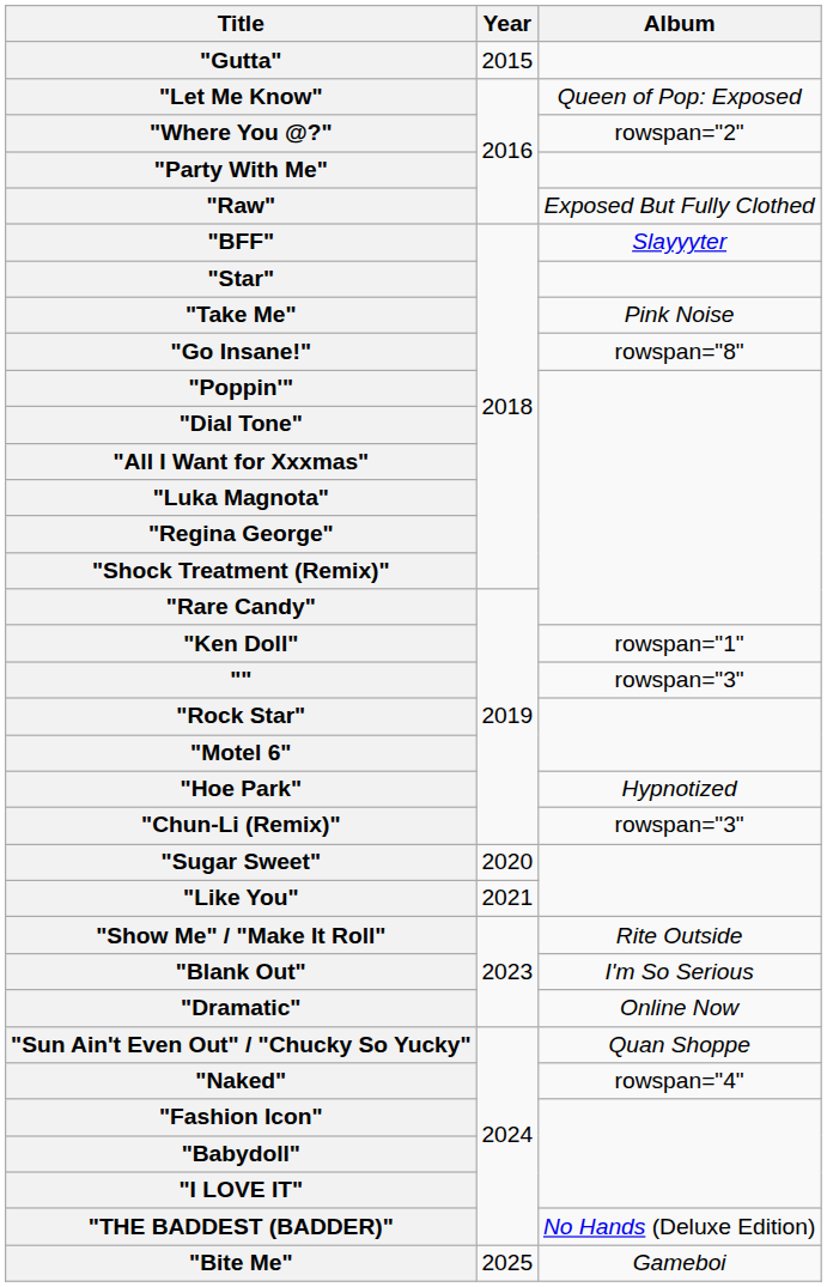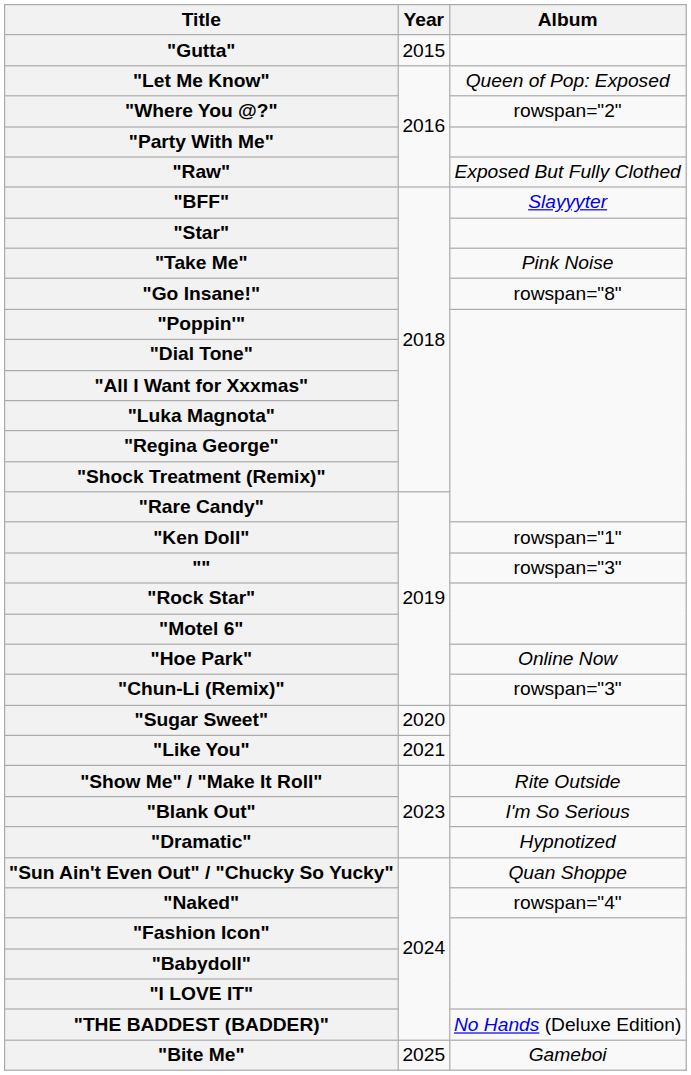 <table class="wikitable plainrowheaders" style="text-align:center;">
 <tr>
 <th scope="col">Title</th>
 <th scope="col">Year</th>
 <th scope="col">Album</th>
 </tr>
 <tr>
 <th scope="row">"Gutta"<br></th>
 <td>2015</td>
 <td></td>
 </tr>
 <tr>
 <th scope="row">"Let Me Know"<br></th>
 <td rowspan="4">2016</td>
 <td><em>Queen of Pop: Exposed</em></td>
 </tr>
 <tr>
 <th scope="row">"Where You @?"<br></th>
 <td>rowspan="2" </td>
 </tr>
 <tr>
 <th scope="row">"Party With Me"<br></th>
 </tr>
 <tr>
 <th scope="row">"Raw"<br></th>
 <td><em>Exposed But Fully Clothed</em></td>
 </tr>
 <tr>
 <th scope="row">"BFF"<br></th>
 <td rowspan="10">2018</td>
 <td><em><a href='#'>Slayyyter</a></em></td>
 </tr>
 <tr>
 <th scope="row">"Star"<br></th>
 <td></td>
 </tr>
 <tr>
 <th scope="row">"Take Me"<br></th>
 <td><em>Pink Noise</em></td>
 </tr>
 <tr>
 <th scope="row">"Go Insane!"<br></th>
 <td>rowspan="8" </td>
 </tr>
 <tr>
 <th scope="row">"Poppin'"<br></th>
 </tr>
 <tr>
 <th scope="row">"Dial Tone"<br></th>
 </tr>
 <tr>
 <th scope="row">"All I Want for Xxxmas"<br></th>
 </tr>
 <tr>
 <th scope="row">"Luka Magnota"<br></th>
 </tr>
 <tr>
 <th scope="row">"Regina George"<br></th>
 </tr>
 <tr>
 <th scope="row">"Shock Treatment (Remix)"<br></th>
 </tr>
 <tr>
 <th scope="row">"Rare Candy"<br></th>
 <td rowspan="7">2019</td>
 </tr>
 <tr>
 <th scope="row">"Ken Doll"<br></th>
 <td>rowspan="1" </td>
 </tr>
 <tr>
 <th scope="row">""<br></th>
 <td>rowspan="3" </td>
 </tr>
 <tr>
 <th scope="row">"Rock Star"<br></th>
 </tr>
 <tr>
 <th scope="row">"Motel 6"<br></th>
 </tr>
 <tr>
 <th scope="row">"Hoe Park"<br></th>
-<td><em>Hypnotized</em></td>
+<td><em>Online Now</em></td>
 </tr>
 <tr>
 <th scope="row">"Chun-Li (Remix)"<br></th>
 <td>rowspan="3" </td>
 </tr>
 <tr>
 <th scope="row">"Sugar Sweet"<br></th>
 <td>2020</td>
 </tr>
 <tr>
 <th scope="row">"Like You"<br></th>
 <td>2021</td>
 </tr>
 <tr>
 <th scope="row">"Show Me" / "Make It Roll"<br></th>
 <td rowspan="3">2023</td>
 <td><em>Rite Outside</em></td>
 </tr>
 <tr>
 <th scope="row">"Blank Out"<br></th>
 <td><em>I'm So Serious</em></td>
 </tr>
 <tr>
 <th scope="row">"Dramatic"<br></th>
-<td><em>Online Now</em></td>
+<td><em>Hypnotized</em></td>
 </tr>
 <tr>
 <th scope="row">"Sun Ain't Even Out" / "Chucky So Yucky"<br></th>
 <td rowspan="6">2024</td>
 <td><em>Quan Shoppe</em></td>
 </tr>
 <tr>
 <th scope="row">"Naked"<br></th>
 <td>rowspan="4" </td>
 </tr>
 <tr>
 <th scope="row">"Fashion Icon"<br></th>
 </tr>
 <tr>
 <th scope="row">"Babydoll"<br></th>
 </tr>
 <tr>
 <th scope="row">"I LOVE IT"<br></th>
 </tr>
 <tr>
 <th scope="row">"THE BADDEST (BADDER)"<br></th>
 <td><em><a href='#'>No Hands</a></em> (Deluxe Edition)</td>
 </tr>
 <tr>
 <th scope="row">"Bite Me"<br></th>
 <td rowspan="1">2025</td>
 <td><em>Gameboi</em></td>
 </tr>
 </table>
